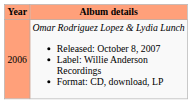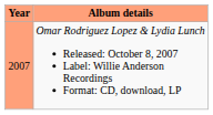 <table class ="wikitable">
 <tr>
 <th width="35" style="background: #ffa07a">Year</th>
 <th width="250" style="background: #ffa07a">Album details</th>
 </tr>
 <tr>
-<td style="background: #ffa07a; text-align: center">2006</td>
+<td style="background: #ffa07a; text-align: center">2007</td>
 <td><em>Omar Rodriguez Lopez & Lydia Lunch</em><br><ul><li>Released: October 8, 2007</li><li>Label: Willie Anderson Recordings</li><li>Format: CD, download, LP</li></ul></td>
 </tr>
 </table>
